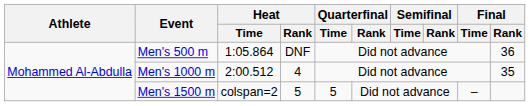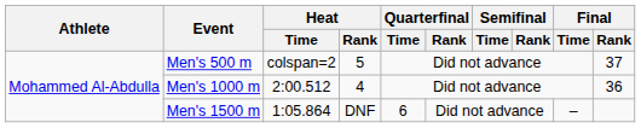 <table class="wikitable" style="font-size:90%">
 <tr>
 <th rowspan=2>Athlete</th>
 <th rowspan=2>Event</th>
 <th colspan=2>Heat</th>
 <th colspan=2>Quarterfinal</th>
 <th colspan=2>Semifinal</th>
 <th colspan=2>Final</th>
 </tr>
 <tr style="font-size:95%">
 <th>Time</th>
 <th>Rank</th>
 <th>Time</th>
 <th>Rank</th>
 <th>Time</th>
 <th>Rank</th>
 <th>Time</th>
 <th>Rank</th>
 </tr>
 <tr align=center>
 <td align=left rowspan=3><a href='#'>Mohammed Al-Abdulla</a></td>
 <td align=left><a href='#'>Men's 500 m</a></td>
-<td>1:05.864</td>
-<td>DNF</td>
+<td>colspan=2 </td>
+<td>5</td>
 <td colspan=5>Did not advance</td>
-<td>36</td>
+<td>37</td>
 </tr>
 <tr align=center>
 <td align=left><a href='#'>Men's 1000 m</a></td>
 <td>2:00.512</td>
 <td>4</td>
 <td colspan=5>Did not advance</td>
-<td>35</td>
+<td>36</td>
 </tr>
 <tr align=center>
 <td align=left><a href='#'>Men's 1500 m</a></td>
-<td>colspan=2 </td>
-<td>5</td>
-<td>5</td>
+<td>1:05.864</td>
+<td>DNF</td>
+<td>6</td>
 <td colspan=3>Did not advance</td>
 <td>–</td>
 </tr>
 </table>
